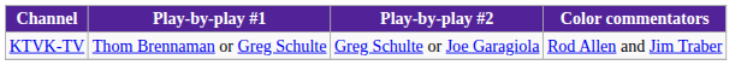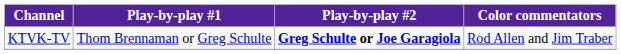 <table class="wikitable">
 <tr>
 <th style="background:#522398;color:white;">Channel</th>
 <th style="background:#522398;color:white;">Play-by-play #1</th>
 <th style="background:#522398;color:white;">Play-by-play #2</th>
 <th style="background:#522398;color:white;">Color commentators</th>
 </tr>
 <tr align="center">
 <td><a href='#'>KTVK-TV</a></td>
 <td><a href='#'>Thom Brennaman</a> or <a href='#'>Greg Schulte</a></td>
-<td><a href='#'>Greg Schulte</a> or <a href='#'>Joe Garagiola</a></td>
+<td><strong><a href='#'>Greg Schulte</a> or <a href='#'>Joe Garagiola</a></strong></td>
 <td><a href='#'>Rod Allen</a> and <a href='#'>Jim Traber</a></td>
 </tr>
 <tr>
 </tr>
 </table>
